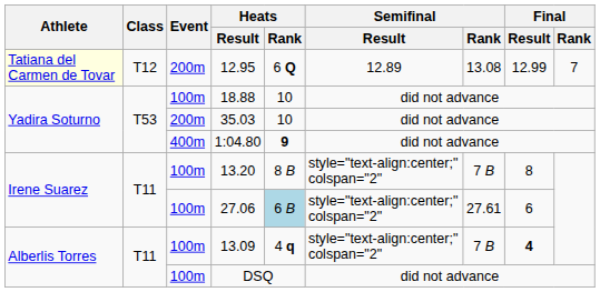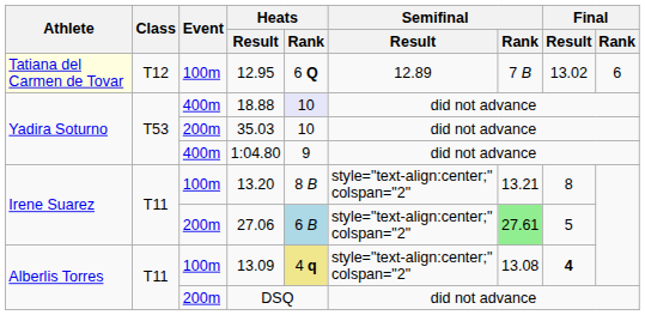 <table class=wikitable style="font-size:90%">
 <tr>
 <th rowspan="2">Athlete</th>
 <th rowspan="2">Class</th>
 <th rowspan="2">Event</th>
 <th colspan="2">Heats</th>
 <th colspan="2">Semifinal</th>
 <th colspan="3">Final</th>
 </tr>
 <tr>
 <th>Result</th>
 <th>Rank</th>
 <th>Result</th>
 <th>Rank</th>
 <th>Result</th>
 <th>Rank</th>
 </tr>
 <tr>
 <td style="background: lightyellow;"><a href='#'>Tatiana del Carmen de Tovar</a></td>
 <td style="text-align:center;">T12</td>
-<td><a href='#'>200m</a></td>
+<td><a href='#'>100m</a></td>
 <td style="text-align:center;">12.95</td>
 <td style="text-align:center;">6 <strong>Q</strong></td>
 <td style="text-align:center;">12.89</td>
-<td style="text-align:center;">13.08</td>
-<td style="text-align:center;">12.99</td>
-<td style="text-align:center;">7</td>
+<td style="text-align:center;">7 <em>B</em></td>
+<td style="text-align:center;">13.02</td>
+<td style="text-align:center;">6</td>
 </tr>
 <tr>
 <td rowspan="3"><a href='#'>Yadira Soturno</a></td>
 <td rowspan="3" style="text-align:center;">T53</td>
-<td><a href='#'>100m</a></td>
+<td><a href='#'>400m</a></td>
 <td style="text-align:center;">18.88</td>
-<td style="text-align:center;">10</td>
+<td style="background: lavender; text-align:center;">10</td>
 <td style="text-align:center;" colspan="4">did not advance</td>
 </tr>
 <tr>
 <td><a href='#'>200m</a></td>
 <td style="text-align:center;">35.03</td>
 <td style="text-align:center;">10</td>
 <td style="text-align:center;" colspan="4">did not advance</td>
 </tr>
 <tr>
 <td><a href='#'>400m</a></td>
 <td style="text-align:center;">1:04.80</td>
-<td style="text-align:center;"><strong>9</strong></td>
+<td style="text-align:center;">9</td>
 <td style="text-align:center;" colspan="4">did not advance</td>
 </tr>
 <tr>
 <td rowspan="2"><a href='#'>Irene Suarez</a></td>
 <td rowspan="2" style="text-align:center;">T11</td>
 <td><a href='#'>100m</a></td>
 <td style="text-align:center;">13.20</td>
 <td style="text-align:center;">8 <em>B</em></td>
 <td>style="text-align:center;" colspan="2" </td>
-<td style="text-align:center;">7 <em>B</em></td>
+<td style="text-align:center;">13.21</td>
 <td style="text-align:center;">8</td>
 </tr>
 <tr>
-<td><a href='#'>100m</a></td>
+<td><a href='#'>200m</a></td>
 <td style="text-align:center;">27.06</td>
 <td style="background: lightblue; text-align:center;">6 <em>B</em></td>
 <td>style="text-align:center;" colspan="2" </td>
-<td style="text-align:center;">27.61</td>
-<td style="text-align:center;">6</td>
+<td style="background: lightgreen; text-align:center;">27.61</td>
+<td style="text-align:center;">5</td>
 </tr>
 <tr>
 <td rowspan="2"><a href='#'>Alberlis Torres</a></td>
 <td rowspan="2" style="text-align:center;">T11</td>
 <td><a href='#'>100m</a></td>
 <td style="text-align:center;">13.09</td>
-<td style="text-align:center;">4 <strong>q</strong></td>
+<td style="background: khaki; text-align:center;">4 <strong>q</strong></td>
 <td>style="text-align:center;" colspan="2" </td>
-<td style="text-align:center;">7 <em>B</em></td>
+<td style="text-align:center;">13.08</td>
 <td style="text-align:center;"><strong>4</strong></td>
 </tr>
 <tr>
-<td><a href='#'>100m</a></td>
+<td><a href='#'>200m</a></td>
 <td style="text-align:center;" colspan="2">DSQ</td>
 <td style="text-align:center;" colspan="4">did not advance</td>
 </tr>
 </table>
